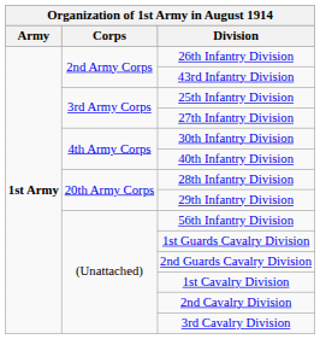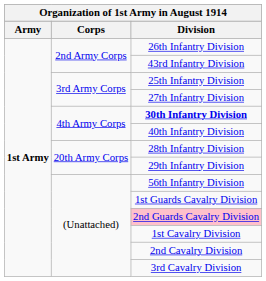 <table class="wikitable" style="text-align:center;">
 <tr style="background:gray; color:black;">
 <th colspan="3">Organization of 1st Army in August 1914</th>
 </tr>
 <tr style="background:gray; color:black;">
 <th>Army</th>
 <th>Corps</th>
 <th>Division</th>
 </tr>
 <tr>
 <td ROWSPAN=14><strong>1st Army</strong></td>
 <td ROWSPAN=2><a href='#'>2nd Army Corps</a></td>
 <td><a href='#'>26th Infantry Division</a></td>
 </tr>
 <tr>
 <td><a href='#'>43rd Infantry Division</a></td>
 </tr>
 <tr>
 <td ROWSPAN=2><a href='#'>3rd Army Corps</a></td>
 <td><a href='#'>25th Infantry Division</a></td>
 </tr>
 <tr>
 <td><a href='#'>27th Infantry Division</a></td>
 </tr>
 <tr>
 <td ROWSPAN=2><a href='#'>4th Army Corps</a></td>
-<td><a href='#'>30th Infantry Division</a></td>
+<td><strong><a href='#'>30th Infantry Division</a></strong></td>
 </tr>
 <tr>
 <td><a href='#'>40th Infantry Division</a></td>
 </tr>
 <tr>
 <td ROWSPAN=2><a href='#'>20th Army Corps</a></td>
 <td><a href='#'>28th Infantry Division</a></td>
 </tr>
 <tr>
 <td><a href='#'>29th Infantry Division</a></td>
 </tr>
 <tr>
 <td ROWSPAN=6>(Unattached)</td>
 <td><a href='#'>56th Infantry Division</a></td>
 </tr>
 <tr>
 <td><a href='#'>1st Guards Cavalry Division</a></td>
 </tr>
 <tr>
-<td><a href='#'>2nd Guards Cavalry Division</a></td>
+<td style="background: pink;"><a href='#'>2nd Guards Cavalry Division</a></td>
 </tr>
 <tr>
 <td><a href='#'>1st Cavalry Division</a></td>
 </tr>
 <tr>
 <td><a href='#'>2nd Cavalry Division</a></td>
 </tr>
 <tr>
 <td><a href='#'>3rd Cavalry Division</a></td>
 </tr>
 </table>
